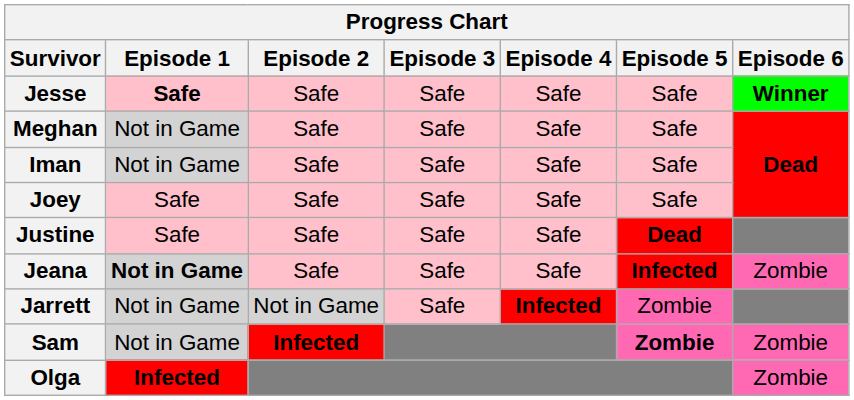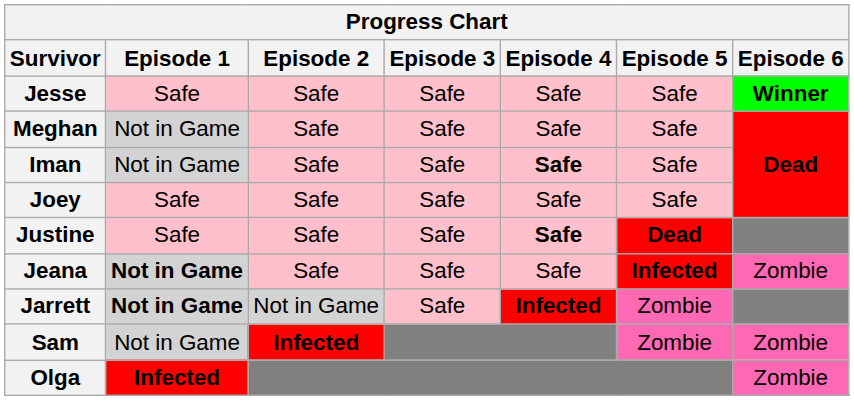 <table class="wikitable" style="text-align:center">
 <tr>
 <th colspan="8">Progress Chart</th>
 </tr>
 <tr>
 <th>Survivor</th>
 <th>Episode 1</th>
 <th>Episode 2</th>
 <th>Episode 3</th>
 <th>Episode 4</th>
 <th>Episode 5</th>
 <th>Episode 6</th>
 </tr>
 <tr>
 <th>Jesse</th>
-<td bgcolor="pink"><strong>Safe</strong></td>
+<td bgcolor="pink">Safe</td>
 <td bgcolor="pink">Safe</td>
 <td bgcolor="pink">Safe</td>
 <td bgcolor="pink">Safe</td>
 <td bgcolor="pink">Safe</td>
 <td bgcolor="lime"><strong>Winner</strong></td>
 </tr>
 <tr>
 <th>Meghan</th>
 <td bgcolor="lightgray">Not in Game</td>
 <td bgcolor="pink">Safe</td>
 <td bgcolor="pink">Safe</td>
 <td bgcolor="pink">Safe</td>
 <td bgcolor="pink">Safe</td>
 <td rowspan="3" bgcolor="red"><strong>Dead</strong></td>
 </tr>
 <tr>
 <th>Iman</th>
 <td bgcolor="lightgrey">Not in Game</td>
 <td bgcolor="pink">Safe</td>
 <td bgcolor="pink">Safe</td>
-<td ' bgcolor="pink">Safe</td>
+<td ' bgcolor="pink"><strong>Safe</strong></td>
 <td bgcolor="pink">Safe</td>
 </tr>
 <tr>
 <th>Joey</th>
 <td bgcolor="pink">Safe</td>
 <td bgcolor="pink">Safe</td>
 <td bgcolor="pink">Safe</td>
 <td bgcolor="pink">Safe</td>
 <td bgcolor="pink">Safe</td>
 </tr>
 <tr>
 <th>Justine</th>
 <td bgcolor="pink">Safe</td>
 <td bgcolor="pink ">Safe</td>
 <td bgcolor="pink">Safe</td>
-<td bgcolor="pink">Safe</td>
+<td bgcolor="pink"><strong>Safe</strong></td>
 <td bgcolor="red"><strong>Dead</strong></td>
 <td bgcolor="gray"></td>
 </tr>
 <tr>
 <th>Jeana</th>
 <td bgcolor="lightgrey"><strong>Not in Game</strong></td>
 <td bgcolor="pink">Safe</td>
 <td bgcolor="pink">Safe</td>
 <td bgcolor="pink">Safe</td>
 <td bgcolor="red"><strong>Infected</strong></td>
 <td bgcolor="hotpink">Zombie</td>
 </tr>
 <tr>
 <th>Jarrett</th>
-<td bgcolor="lightgrey">Not in Game</td>
+<td bgcolor="lightgrey"><strong>Not in Game</strong></td>
 <td bgcolor="lightgrey">Not in Game</td>
 <td bgcolor="pink">Safe</td>
 <td bgcolor="red"><strong>Infected</strong></td>
 <td bgcolor="hotpink">Zombie</td>
 <td bgcolor="gray"></td>
 </tr>
 <tr>
 <th>Sam</th>
 <td bgcolor="lightgray">Not in Game</td>
 <td bgcolor="red"><strong>Infected</strong></td>
 <td colspan="2" bgcolor="gray"></td>
-<td bgcolor="hotpink"><strong>Zombie</strong></td>
+<td bgcolor="hotpink">Zombie</td>
 <td bgcolor="hotpink">Zombie</td>
 </tr>
 <tr>
 <th>Olga</th>
 <td bgcolor="red"><strong>Infected</strong></td>
 <td colspan="4" bgcolor ="grey"></td>
 <td bgcolor="hotpink">Zombie</td>
 </tr>
 </table>
